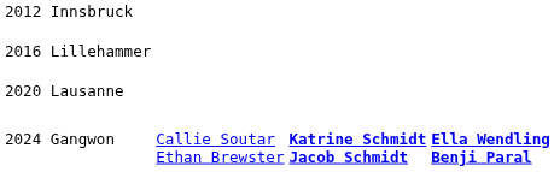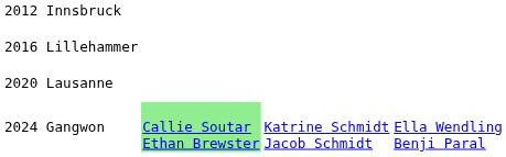 <table>
 <tr>
 <td>2012 Innsbruck<br></td>
 <td><br><br></td>
 <td><br><br></td>
 <td><br><br></td>
 </tr>
 <tr>
 <td>2016 Lillehammer<br></td>
 <td><br><br></td>
 <td><br><br></td>
 <td><br><br></td>
 </tr>
 <tr>
 <td>2020 Lausanne<br></td>
 <td><br><br></td>
 <td><br><br></td>
 <td><br><br></td>
 </tr>
 <tr>
 <td>2024 Gangwon<br></td>
-<td><br><a href='#'>Callie Soutar</a><br><a href='#'>Ethan Brewster</a></td>
-<td><strong><br><a href='#'>Katrine Schmidt</a><br><a href='#'>Jacob Schmidt</a></strong></td>
-<td><strong><br><a href='#'>Ella Wendling</a><br><a href='#'>Benji Paral</a></strong></td>
+<td style="background: lightgreen;"><br><a href='#'>Callie Soutar</a><br><a href='#'>Ethan Brewster</a></td>
+<td><br><a href='#'>Katrine Schmidt</a><br><a href='#'>Jacob Schmidt</a></td>
+<td><br><a href='#'>Ella Wendling</a><br><a href='#'>Benji Paral</a></td>
 </tr>
 </table>
